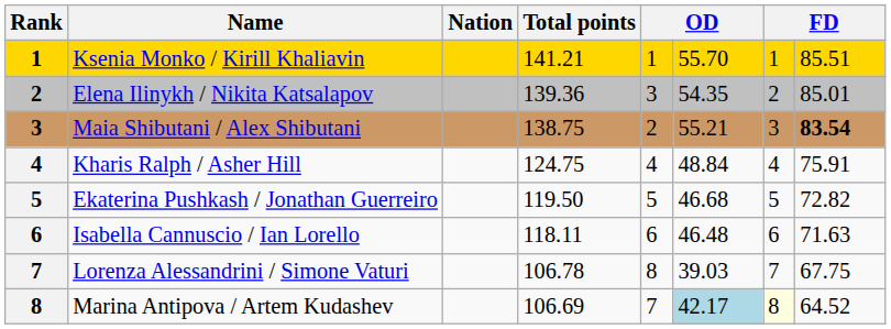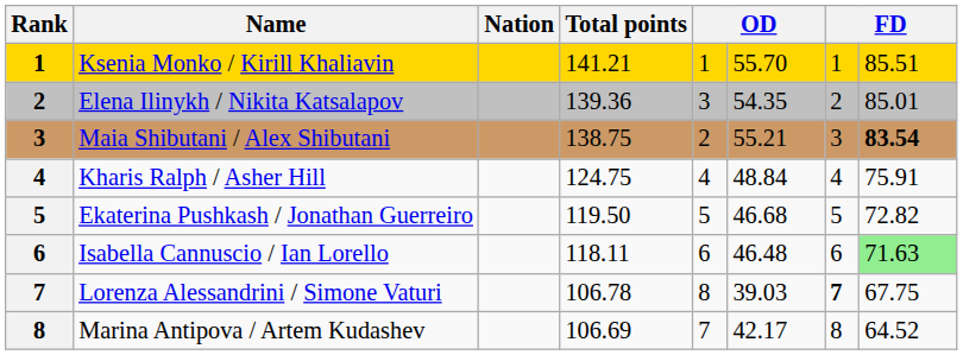 <table class="wikitable sortable">
 <tr>
 <th>Rank</th>
 <th>Name</th>
 <th>Nation</th>
 <th>Total points</th>
 <th colspan="2" width="80px"><a href='#'>OD</a></th>
 <th colspan="2" width="80px"><a href='#'>FD</a></th>
 </tr>
 <tr bgcolor="gold">
 <td align="center"><strong>1</strong></td>
 <td><a href='#'>Ksenia Monko</a> / <a href='#'>Kirill Khaliavin</a></td>
 <td></td>
 <td>141.21</td>
 <td>1</td>
 <td>55.70</td>
 <td>1</td>
 <td>85.51</td>
 </tr>
 <tr bgcolor="silver">
 <td align="center"><strong>2</strong></td>
 <td><a href='#'>Elena Ilinykh</a> / <a href='#'>Nikita Katsalapov</a></td>
 <td></td>
 <td>139.36</td>
 <td>3</td>
 <td>54.35</td>
 <td>2</td>
 <td>85.01</td>
 </tr>
 <tr bgcolor="cc9966">
 <td align="center"><strong>3</strong></td>
 <td><a href='#'>Maia Shibutani</a> / <a href='#'>Alex Shibutani</a></td>
 <td></td>
 <td>138.75</td>
 <td>2</td>
 <td>55.21</td>
 <td>3</td>
 <td><strong>83.54</strong></td>
 </tr>
 <tr>
 <th>4</th>
 <td><a href='#'>Kharis Ralph</a> / <a href='#'>Asher Hill</a></td>
 <td></td>
 <td>124.75</td>
 <td>4</td>
 <td>48.84</td>
 <td>4</td>
 <td>75.91</td>
 </tr>
 <tr>
 <th>5</th>
 <td><a href='#'>Ekaterina Pushkash</a> / <a href='#'>Jonathan Guerreiro</a></td>
 <td></td>
 <td>119.50</td>
 <td>5</td>
 <td>46.68</td>
 <td>5</td>
 <td>72.82</td>
 </tr>
 <tr>
 <th>6</th>
 <td><a href='#'>Isabella Cannuscio</a> / <a href='#'>Ian Lorello</a></td>
 <td></td>
 <td>118.11</td>
 <td>6</td>
 <td>46.48</td>
 <td>6</td>
-<td>71.63</td>
+<td style="background: lightgreen;">71.63</td>
 </tr>
 <tr>
 <th>7</th>
 <td><a href='#'>Lorenza Alessandrini</a> / <a href='#'>Simone Vaturi</a></td>
 <td></td>
 <td>106.78</td>
 <td>8</td>
 <td>39.03</td>
-<td>7</td>
+<td><strong>7</strong></td>
 <td>67.75</td>
 </tr>
 <tr>
 <th>8</th>
 <td>Marina Antipova / Artem Kudashev</td>
 <td></td>
 <td>106.69</td>
 <td>7</td>
-<td style="background: lightblue;">42.17</td>
-<td style="background: lightyellow;">8</td>
+<td>42.17</td>
+<td>8</td>
 <td>64.52</td>
 </tr>
 </table>
